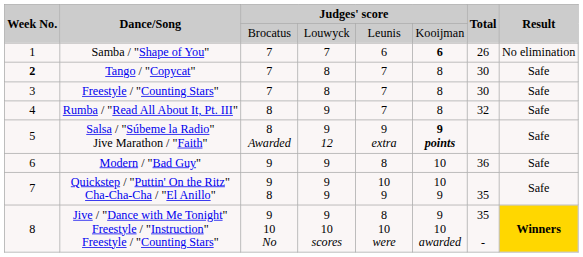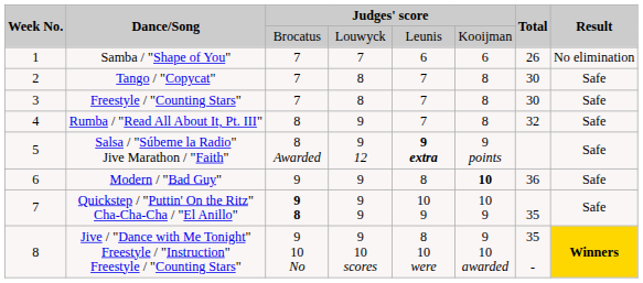 <table class="wikitable collapsible">
 <tr>
 <th rowspan="2" style="background:#ccc; text-align:Center;"><strong>Week No.</strong></th>
 <th rowspan="2" style="background:#ccc; text-align:Center;"><strong>Dance/Song</strong></th>
 <th colspan="4" style="background:#ccc; text-align:Center;"><strong>Judges' score</strong></th>
 <th rowspan="2" style="background:#ccc; text-align:Center;"><strong>Total</strong></th>
 <th rowspan="2" style="background:#ccc; text-align:Center;"><strong>Result</strong></th>
 </tr>
 <tr style="text-align:center; background:#ccc;">
 <td style="width:10%; ">Brocatus</td>
 <td style="width:10%; ">Louwyck</td>
 <td style="width:10%; ">Leunis</td>
 <td>Kooijman</td>
 </tr>
 <tr style="text-align:center; background:#faf6f6;">
 <td>1</td>
 <td>Samba / "<a href='#'>Shape of You</a>"</td>
 <td>7</td>
 <td>7</td>
 <td>6</td>
-<td><strong>6</strong></td>
+<td>6</td>
 <td>26</td>
 <td>No elimination</td>
 </tr>
 <tr style="text-align:center; background:#faf6f6;">
-<td><strong>2</strong></td>
+<td>2</td>
 <td><a href='#'>Tango</a> / "<a href='#'>Copycat</a>"</td>
 <td>7</td>
 <td>8</td>
 <td>7</td>
 <td>8</td>
 <td>30</td>
 <td>Safe</td>
 </tr>
 <tr style="text-align:center; background:#faf6f6;">
 <td>3</td>
 <td><a href='#'>Freestyle</a> / "<a href='#'>Counting Stars</a>"</td>
 <td>7</td>
 <td>8</td>
 <td>7</td>
 <td>8</td>
 <td>30</td>
 <td>Safe</td>
 </tr>
 <tr style="text-align:center; background:#faf6f6;">
 <td>4</td>
 <td><a href='#'>Rumba</a> / "<a href='#'>Read All About It, Pt. III</a>"</td>
 <td>8</td>
 <td>9</td>
 <td>7</td>
 <td>8</td>
 <td>32</td>
 <td>Safe</td>
 </tr>
 <tr style="text-align:center; background:#faf6f6;">
 <td>5</td>
 <td><a href='#'>Salsa</a> / "<a href='#'>Súbeme la Radio</a>"<br>Jive Marathon / "<a href='#'>Faith</a>"</td>
 <td>8<br><em>Awarded</em></td>
 <td>9<br><em>12</em></td>
-<td>9<br><em>extra</em></td>
-<td><strong>9<br><em>points</em></strong></td>
+<td><strong>9<br><em>extra</em></strong></td>
+<td>9<br><em>points</em></td>
 <td><br></td>
 <td>Safe</td>
 </tr>
 <tr style="text-align:center; background:#faf6f6;">
 <td>6</td>
 <td><a href='#'>Modern</a> / "<a href='#'>Bad Guy</a>"</td>
 <td>9</td>
 <td>9</td>
 <td>8</td>
-<td>10</td>
+<td><strong>10</strong></td>
 <td>36</td>
 <td>Safe</td>
 </tr>
 <tr style="text-align:center; background:#faf6f6;">
 <td>7</td>
 <td><a href='#'>Quickstep</a> / "<a href='#'>Puttin' On the Ritz</a>"<br><a href='#'>Cha-Cha-Cha</a> / "<a href='#'>El Anillo</a>"</td>
-<td>9<br>8</td>
+<td><strong>9<br>8</strong></td>
 <td>9<br>9</td>
 <td>10<br>9</td>
 <td>10<br>9</td>
 <td><br>35</td>
 <td>Safe</td>
 </tr>
 <tr style="text-align:center; background:#faf6f6;">
 <td>8</td>
 <td><a href='#'>Jive</a> / "<a href='#'>Dance with Me Tonight</a>"<br><a href='#'>Freestyle</a> / "<a href='#'>Instruction</a>"<br><a href='#'>Freestyle</a> / "<a href='#'>Counting Stars</a>"</td>
 <td>9<br>10<br><em>No</em></td>
 <td>9<br>10<br><em>scores</em></td>
 <td>8<br>10<br><em>were</em></td>
 <td>9<br>10<br><em>awarded</em></td>
 <td>35<br><br>-</td>
 <td bgcolor="gold"><strong>Winners</strong></td>
 </tr>
 </table>
